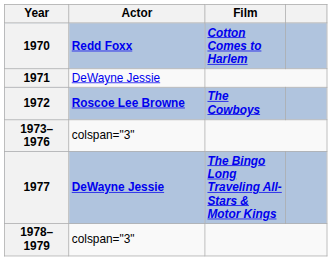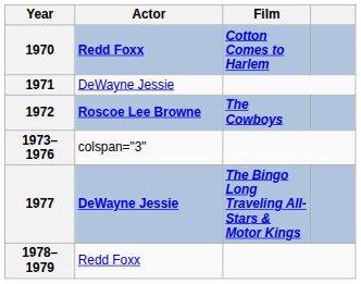 <table class="wikitable" style="width:70%;">
 <tr style="background:#bebebe;">
 <th scope="col" style="width:5em;">Year</th>
 <th scope="col" style="width:11em;">Actor</th>
 <th scope="col">Film</th>
 <th scope="col" style="width:3em;"></th>
 </tr>
 <tr style="background:#B0C4DE; font-weight:bold;">
 <th scope="row">1970</th>
 <td><a href='#'>Redd Foxx</a></td>
 <td><em><a href='#'>Cotton Comes to Harlem</a></em></td>
 <td style="text-align:center;"></td>
 </tr>
 <tr>
 <th scope="row">1971</th>
 <td><a href='#'>DeWayne Jessie</a></td>
 </tr>
 <tr style="background:#B0C4DE; font-weight:bold;">
 <th scope="row">1972</th>
 <td><a href='#'>Roscoe Lee Browne</a></td>
 <td><em><a href='#'>The Cowboys</a></em></td>
 <td style="text-align:center;"></td>
 </tr>
 <tr>
 <th scope="row">1973–1976</th>
 <td>colspan="3" </td>
 </tr>
 <tr style="background:#B0C4DE; font-weight:bold;">
 <th scope="row">1977</th>
 <td><a href='#'>DeWayne Jessie</a></td>
 <td><em><a href='#'>The Bingo Long Traveling All-Stars & Motor Kings</a></em></td>
 <td style="text-align:center;"></td>
 </tr>
 <tr>
 <th scope="row">1978–1979</th>
-<td>colspan="3" </td>
+<td><a href='#'>Redd Foxx</a></td>
 </tr>
 </table>
